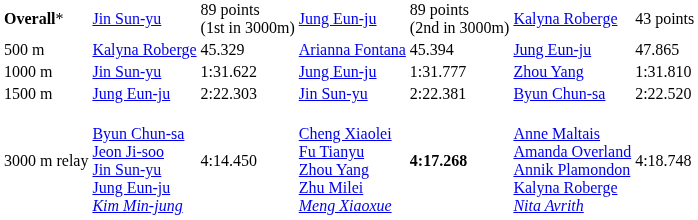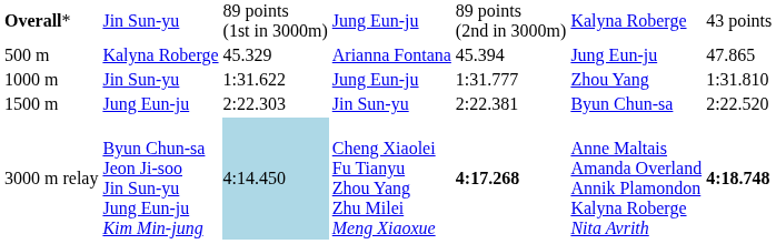 <table>
 <tr>
 <td><strong>Overall</strong>*</td>
 <td><a href='#'>Jin Sun-yu</a><br></td>
 <td>89 points<br>(1st in 3000m)</td>
 <td><a href='#'>Jung Eun-ju</a><br></td>
 <td>89 points<br>(2nd in 3000m)</td>
 <td><a href='#'>Kalyna Roberge</a><br></td>
 <td>43 points</td>
 </tr>
 <tr>
 <td>500 m</td>
 <td><a href='#'>Kalyna Roberge</a><br></td>
 <td>45.329</td>
 <td><a href='#'>Arianna Fontana</a><br></td>
 <td>45.394</td>
 <td><a href='#'>Jung Eun-ju</a><br></td>
 <td>47.865</td>
 </tr>
 <tr>
 <td>1000 m</td>
 <td><a href='#'>Jin Sun-yu</a><br></td>
 <td>1:31.622</td>
 <td><a href='#'>Jung Eun-ju</a><br></td>
 <td>1:31.777</td>
 <td><a href='#'>Zhou Yang</a><br></td>
 <td>1:31.810</td>
 </tr>
 <tr>
 <td>1500 m</td>
 <td><a href='#'>Jung Eun-ju</a><br></td>
 <td>2:22.303</td>
 <td><a href='#'>Jin Sun-yu</a><br></td>
 <td>2:22.381</td>
 <td><a href='#'>Byun Chun-sa</a><br></td>
 <td>2:22.520</td>
 </tr>
 <tr>
 <td>3000 m relay</td>
 <td><br><a href='#'>Byun Chun-sa</a><br><a href='#'>Jeon Ji-soo</a><br><a href='#'>Jin Sun-yu</a><br><a href='#'>Jung Eun-ju</a><br><em><a href='#'>Kim Min-jung</a></em></td>
-<td>4:14.450</td>
+<td style="background: lightblue;">4:14.450</td>
 <td><br><a href='#'>Cheng Xiaolei</a><br><a href='#'>Fu Tianyu</a><br><a href='#'>Zhou Yang</a><br><a href='#'>Zhu Milei</a><br><em><a href='#'>Meng Xiaoxue</a></em></td>
 <td><strong>4:17.268</strong></td>
 <td><br><a href='#'>Anne Maltais</a><br><a href='#'>Amanda Overland</a><br><a href='#'>Annik Plamondon</a><br><a href='#'>Kalyna Roberge</a><br><em><a href='#'>Nita Avrith</a></em></td>
-<td>4:18.748</td>
+<td><strong>4:18.748</strong></td>
 </tr>
 </table>
